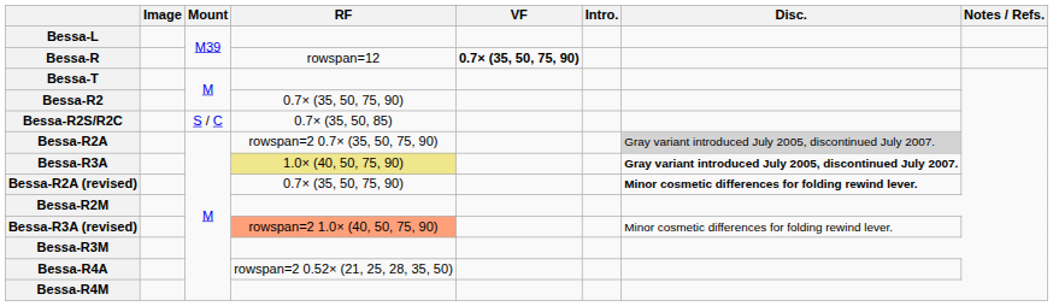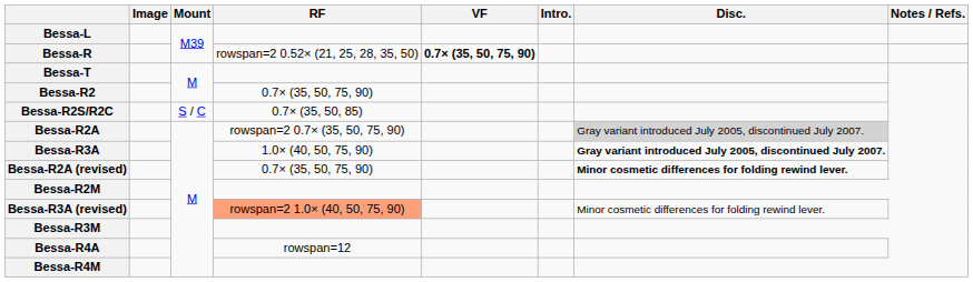 <table class="wikitable sortable" style="font-size:100%;text-align:center;">
 <tr>
 <th></th>
 <th class="unsortable">Image</th>
 <th>Mount</th>
 <th>RF</th>
 <th>VF</th>
 <th>Intro.</th>
 <th>Disc.</th>
 <th class="unsortable">Notes / Refs.</th>
 </tr>
 <tr>
 <th>Bessa-L</th>
 <td></td>
 <td rowspan=2><a href='#'>M39</a></td>
 <td></td>
 <td></td>
 <td></td>
 <td></td>
 <td style="font-size:90%;text-align:left;"></td>
 </tr>
 <tr>
 <th>Bessa-R</th>
 <td></td>
-<td>rowspan=12 </td>
+<td>rowspan=2  0.52× (21, 25, 28, 35, 50)</td>
 <td><strong> 0.7× (35, 50, 75, 90)</strong></td>
 <td></td>
 <td></td>
 <td style="font-size:90%;text-align:left;"></td>
 </tr>
 <tr>
 <th>Bessa-T</th>
 <td></td>
 <td rowspan=2><a href='#'>M</a></td>
 <td></td>
 <td></td>
 <td></td>
 <td style="font-size:90%;text-align:left;"></td>
 </tr>
 <tr>
 <th>Bessa-R2</th>
 <td></td>
 <td> 0.7× (35, 50, 75, 90)</td>
 <td></td>
 <td></td>
 <td style="font-size:90%;text-align:left;"></td>
 </tr>
 <tr>
 <th>Bessa-R2S/R2C</th>
 <td></td>
 <td><a href='#'>S</a> / <a href='#'>C</a></td>
 <td> 0.7× (35, 50, 85)</td>
 <td></td>
 <td></td>
 <td style="font-size:90%;text-align:left;"></td>
 </tr>
 <tr>
 <th>Bessa-R2A</th>
 <td></td>
 <td rowspan=8><a href='#'>M</a></td>
 <td>rowspan=2  0.7× (35, 50, 75, 90)</td>
 <td></td>
 <td></td>
 <td style="background: lightgrey; font-size:90%;text-align:left;">Gray variant introduced July 2005, discontinued July 2007.</td>
 </tr>
 <tr>
 <th>Bessa-R3A</th>
 <td></td>
-<td style="background: khaki;"> 1.0× (40, 50, 75, 90)</td>
+<td> 1.0× (40, 50, 75, 90)</td>
 <td></td>
 <td></td>
 <td style="font-size:90%;text-align:left;"><strong>Gray variant introduced July 2005, discontinued July 2007.</strong></td>
 </tr>
 <tr>
 <th>Bessa-R2A (revised)</th>
 <td></td>
 <td> 0.7× (35, 50, 75, 90)</td>
 <td></td>
 <td></td>
 <td style="font-size:90%;text-align:left;"><strong>Minor cosmetic differences for folding rewind lever.</strong></td>
 </tr>
 <tr>
 <th>Bessa-R2M</th>
 <td></td>
 <td></td>
 <td></td>
 <td style="font-size:90%;text-align:left;"></td>
 </tr>
 <tr>
 <th>Bessa-R3A (revised)</th>
 <td></td>
 <td style="background: lightsalmon;">rowspan=2  1.0× (40, 50, 75, 90)</td>
 <td></td>
 <td></td>
 <td style="font-size:90%;text-align:left;">Minor cosmetic differences for folding rewind lever.</td>
 </tr>
 <tr>
 <th>Bessa-R3M</th>
 <td></td>
 <td></td>
 <td></td>
 <td style="font-size:90%;text-align:left;"></td>
 </tr>
 <tr>
 <th>Bessa-R4A</th>
 <td></td>
-<td>rowspan=2  0.52× (21, 25, 28, 35, 50)</td>
+<td>rowspan=12 </td>
 <td></td>
 <td></td>
 <td style="font-size:90%;text-align:left;"></td>
 </tr>
 <tr>
 <th>Bessa-R4M</th>
 <td></td>
 <td></td>
 <td></td>
 <td style="font-size:90%;text-align:left;"></td>
 </tr>
 </table>
